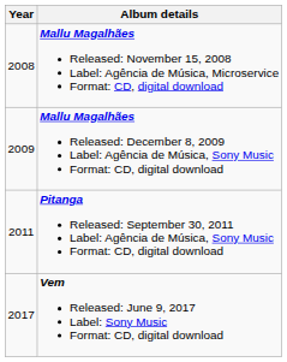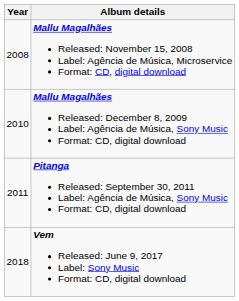 <table class="wikitable" style=text-align:center;>
 <tr>
 <th align="left">Year</th>
 <th align="left">Album details</th>
 </tr>
 <tr>
 <td>2008</td>
 <td align=left><strong><em><a href='#'>Mallu Magalhães</a></em></strong><br><ul><li>Released: November 15, 2008</li><li>Label: Agência de Música, Microservice</li><li>Format: <a href='#'>CD</a>, <a href='#'>digital download</a></li></ul></td>
 </tr>
 <tr>
-<td>2009</td>
+<td>2010</td>
 <td align=left><strong><em><a href='#'>Mallu Magalhães</a></em></strong><br><ul><li>Released: December 8, 2009</li><li>Label: Agência de Música, <a href='#'>Sony Music</a></li><li>Format: CD, digital download</li></ul></td>
 </tr>
 <tr>
 <td>2011</td>
 <td align=left><strong><em><a href='#'>Pitanga</a></em></strong><br><ul><li>Released: September 30, 2011</li><li>Label: Agência de Música, <a href='#'>Sony Music</a></li><li>Format: CD, digital download</li></ul></td>
 </tr>
 <tr>
-<td>2017</td>
+<td>2018</td>
 <td align=left><strong><em>Vem</em></strong><br><ul><li>Released: June 9, 2017</li><li>Label: <a href='#'>Sony Music</a></li><li>Format: CD, digital download</li></ul></td>
 </tr>
 </table>
